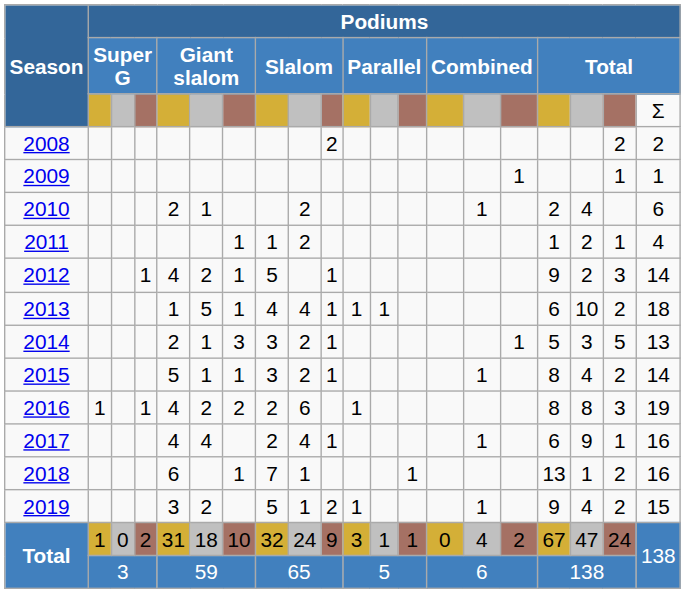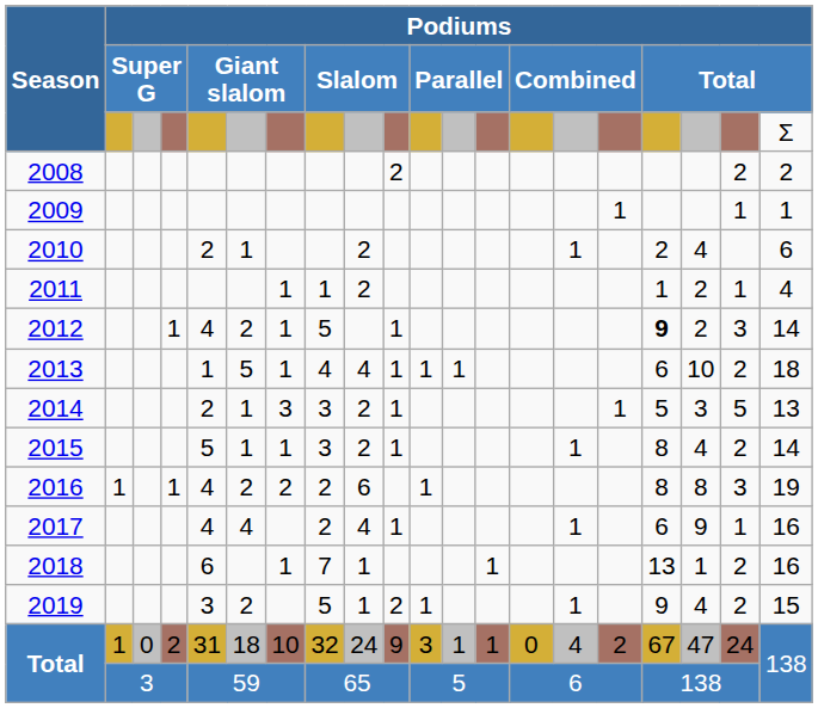 <table class="wikitable" style="font-size:95%; text-align:center; border:grey solid 1px; border-collapse:collapse;" width="55%">
 <tr style="background-color:#369; color:white;">
 <td rowspan="3" colspan="1" width="10%"><strong>Season</strong></td>
 <td colspan="19"><strong>Podiums</strong></td>
 </tr>
 <tr style="background-color:#4180be; color:white;">
 <th style="background:#4180be;" width="300" colspan="3">Super G</th>
 <th style="background:#4180be;" width="350" colspan="3">Giant slalom</th>
 <th style="background:#4180be;" width="350" colspan="3">Slalom</th>
 <th style="background:#4180be;" width="350" colspan="3">Parallel</th>
 <th style="background:#4180be;" width="350" colspan="3">Combined</th>
 <th style="background:#4180be;" width="450" colspan="4">Total</th>
 </tr>
 <tr>
 <td align="center" bgcolor="#d4af37"></td>
 <td align="center" bgcolor="silver"></td>
 <td align="center" bgcolor="#a57164"></td>
 <td align="center" bgcolor="#d4af37"></td>
 <td align="center" bgcolor="silver"></td>
 <td align="center" bgcolor="#a57164"></td>
 <td align="center" bgcolor="#d4af37"></td>
 <td align="center" bgcolor="silver"></td>
 <td align="center" bgcolor="#a57164"></td>
 <td align="center" bgcolor="#d4af37"></td>
 <td align="center" bgcolor="silver"></td>
 <td align="center" bgcolor="#a57164"></td>
 <td align="center" bgcolor="#d4af37"></td>
 <td align="center" bgcolor="silver"></td>
 <td align="center" bgcolor="#a57164"></td>
 <td align="center" bgcolor="#d4af37"></td>
 <td align="center" bgcolor="silver"></td>
 <td align="center" bgcolor="#a57164"></td>
 <td>Σ</td>
 </tr>
 <tr>
 <td align="center"><a href='#'>2008</a></td>
 <td></td>
 <td></td>
 <td></td>
 <td></td>
 <td></td>
 <td></td>
 <td></td>
 <td></td>
 <td>2</td>
 <td></td>
 <td></td>
 <td></td>
 <td></td>
 <td></td>
 <td></td>
 <td></td>
 <td></td>
 <td>2</td>
 <td>2</td>
 </tr>
 <tr>
 <td align="center"><a href='#'>2009</a></td>
 <td></td>
 <td></td>
 <td></td>
 <td></td>
 <td></td>
 <td></td>
 <td></td>
 <td></td>
 <td></td>
 <td></td>
 <td></td>
 <td></td>
 <td></td>
 <td></td>
 <td>1</td>
 <td></td>
 <td></td>
 <td>1</td>
 <td>1</td>
 </tr>
 <tr>
 <td align="center"><a href='#'>2010</a></td>
 <td></td>
 <td></td>
 <td></td>
 <td>2</td>
 <td>1</td>
 <td></td>
 <td></td>
 <td>2</td>
 <td></td>
 <td></td>
 <td></td>
 <td></td>
 <td></td>
 <td>1</td>
 <td></td>
 <td>2</td>
 <td>4</td>
 <td></td>
 <td>6</td>
 </tr>
 <tr>
 <td align="center"><a href='#'>2011</a></td>
 <td></td>
 <td></td>
 <td></td>
 <td></td>
 <td></td>
 <td>1</td>
 <td>1</td>
 <td>2</td>
 <td></td>
 <td></td>
 <td></td>
 <td></td>
 <td></td>
 <td></td>
 <td></td>
 <td>1</td>
 <td>2</td>
 <td>1</td>
 <td>4</td>
 </tr>
 <tr>
 <td align="center"><a href='#'>2012</a></td>
 <td></td>
 <td></td>
 <td>1</td>
 <td>4</td>
 <td>2</td>
 <td>1</td>
 <td>5</td>
 <td></td>
 <td>1</td>
 <td></td>
 <td></td>
 <td></td>
 <td></td>
 <td></td>
 <td></td>
-<td>9</td>
+<td><strong>9</strong></td>
 <td>2</td>
 <td>3</td>
 <td>14</td>
 </tr>
 <tr>
 <td align="center"><a href='#'>2013</a></td>
 <td></td>
 <td></td>
 <td></td>
 <td>1</td>
 <td>5</td>
 <td>1</td>
 <td>4</td>
 <td>4</td>
 <td>1</td>
 <td>1</td>
 <td>1</td>
 <td></td>
 <td></td>
 <td></td>
 <td></td>
 <td>6</td>
 <td>10</td>
 <td>2</td>
 <td>18</td>
 </tr>
 <tr>
 <td align="center"><a href='#'>2014</a></td>
 <td></td>
 <td></td>
 <td></td>
 <td>2</td>
 <td>1</td>
 <td>3</td>
 <td>3</td>
 <td>2</td>
 <td>1</td>
 <td></td>
 <td></td>
 <td></td>
 <td></td>
 <td></td>
 <td>1</td>
 <td>5</td>
 <td>3</td>
 <td>5</td>
 <td>13</td>
 </tr>
 <tr>
 <td align="center"><a href='#'>2015</a></td>
 <td></td>
 <td></td>
 <td></td>
 <td>5</td>
 <td>1</td>
 <td>1</td>
 <td>3</td>
 <td>2</td>
 <td>1</td>
 <td></td>
 <td></td>
 <td></td>
 <td></td>
 <td>1</td>
 <td></td>
 <td>8</td>
 <td>4</td>
 <td>2</td>
 <td>14</td>
 </tr>
 <tr>
 <td align="center"><a href='#'>2016</a></td>
 <td>1</td>
 <td></td>
 <td>1</td>
 <td>4</td>
 <td>2</td>
 <td>2</td>
 <td>2</td>
 <td>6</td>
 <td></td>
 <td>1</td>
 <td></td>
 <td></td>
 <td></td>
 <td></td>
 <td></td>
 <td>8</td>
 <td>8</td>
 <td>3</td>
 <td>19</td>
 </tr>
 <tr>
 <td align="center"><a href='#'>2017</a></td>
 <td></td>
 <td></td>
 <td></td>
 <td>4</td>
 <td>4</td>
 <td></td>
 <td>2</td>
 <td>4</td>
 <td>1</td>
 <td></td>
 <td></td>
 <td></td>
 <td></td>
 <td>1</td>
 <td></td>
 <td>6</td>
 <td>9</td>
 <td>1</td>
 <td>16</td>
 </tr>
 <tr>
 <td align="center"><a href='#'>2018</a></td>
 <td></td>
 <td></td>
 <td></td>
 <td>6</td>
 <td></td>
 <td>1</td>
 <td>7</td>
 <td>1</td>
 <td></td>
 <td></td>
 <td></td>
 <td>1</td>
 <td></td>
 <td></td>
 <td></td>
 <td>13</td>
 <td>1</td>
 <td>2</td>
 <td>16</td>
 </tr>
 <tr>
 <td align="center"><a href='#'>2019</a></td>
 <td></td>
 <td></td>
 <td></td>
 <td>3</td>
 <td>2</td>
 <td></td>
 <td>5</td>
 <td>1</td>
 <td>2</td>
 <td>1</td>
 <td></td>
 <td></td>
 <td></td>
 <td>1</td>
 <td></td>
 <td>9</td>
 <td>4</td>
 <td>2</td>
 <td>15</td>
 </tr>
 <tr>
 <td rowspan="2" style="background-color:#4180be; color:white; width=100;"><strong>Total </strong></td>
 <td bgcolor="#d4af37">1</td>
 <td bgcolor="silver">0</td>
 <td bgcolor="#a57164">2</td>
 <td bgcolor="#d4af37">31</td>
 <td bgcolor="silver">18</td>
 <td bgcolor="#a57164">10</td>
 <td bgcolor="#d4af37">32</td>
 <td bgcolor="silver">24</td>
 <td bgcolor="#a57164">9</td>
 <td bgcolor="#d4af37">3</td>
 <td bgcolor="silver">1</td>
 <td bgcolor="#a57164">1</td>
 <td bgcolor="#d4af37">0</td>
 <td bgcolor="silver">4</td>
 <td bgcolor="#a57164">2</td>
 <td bgcolor="#d4af37">67</td>
 <td bgcolor="silver">47</td>
 <td bgcolor="#a57164">24</td>
 <td rowspan="2" style="background-color:#4180be; color:white; width=100;">138</td>
 </tr>
 <tr>
 <td style="background-color:#4180be; color:white; width=100;" colspan="3">3</td>
 <td style="background-color:#4180be; color:white; width=100;" colspan="3">59</td>
 <td colspan="3" style="background-color:#4180be; color:white; width=100;">65</td>
 <td style="background-color:#4180be; color:white; width=100;" colspan="3">5</td>
 <td style="background-color:#4180be; color:white; width=100;" colspan="3">6</td>
 <td style="background-color:#4180be; color:white; width=100;" colspan="3">138</td>
 </tr>
 </table>
